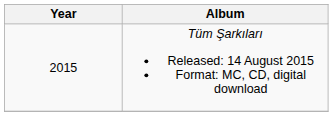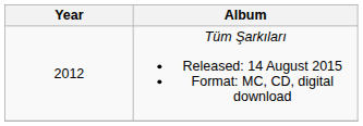 <table class="wikitable plainrowheaders" style="text-align:center;" border="1">
 <tr>
 <th scope="col" style="width:9em;">Year</th>
 <th scope="col" style="width:16em;">Album</th>
 </tr>
 <tr>
-<td>2015</td>
+<td>2012</td>
 <td><em>Tüm Şarkıları</em><br><ul><li>Released: 14 August 2015</li><li>Format: MC, CD, digital download</li></ul></td>
 </tr>
 <tr>
 </tr>
 </table>
